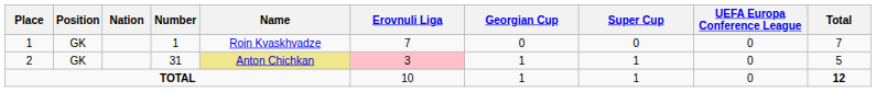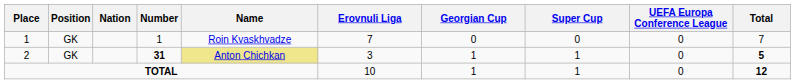 <table class="wikitable" style="font-size: 95%; text-align: center;">
 <tr>
 <th width=60>Place</th>
 <th width=60>Position</th>
 <th width=60>Nation</th>
 <th width=60>Number</th>
 <th width=200>Name</th>
 <th width=150><a href='#'>Erovnuli Liga</a></th>
 <th width=150><a href='#'>Georgian Cup</a></th>
 <th width=150><a href='#'>Super Cup</a></th>
 <th width=150><a href='#'>UEFA Europa Conference League</a></th>
 <th width=80>Total</th>
 </tr>
 <tr>
 <td>1</td>
 <td>GK</td>
 <td></td>
 <td>1</td>
 <td><a href='#'>Roin Kvaskhvadze</a></td>
 <td>7</td>
 <td>0</td>
 <td>0</td>
 <td>0</td>
 <td>7</td>
 </tr>
 <tr>
 <td>2</td>
 <td>GK</td>
 <td></td>
-<td>31</td>
+<td><strong>31</strong></td>
 <td style="background: khaki;"><a href='#'>Anton Chichkan</a></td>
-<td style="background: pink;">3</td>
+<td>3</td>
 <td>1</td>
 <td>1</td>
 <td>0</td>
-<td>5</td>
+<td><strong>5</strong></td>
 </tr>
 <tr>
 <td colspan="5"><strong>TOTAL</strong></td>
 <td>10</td>
 <td>1</td>
 <td>1</td>
 <td>0</td>
 <td><strong>12</strong></td>
 </tr>
 </table>
